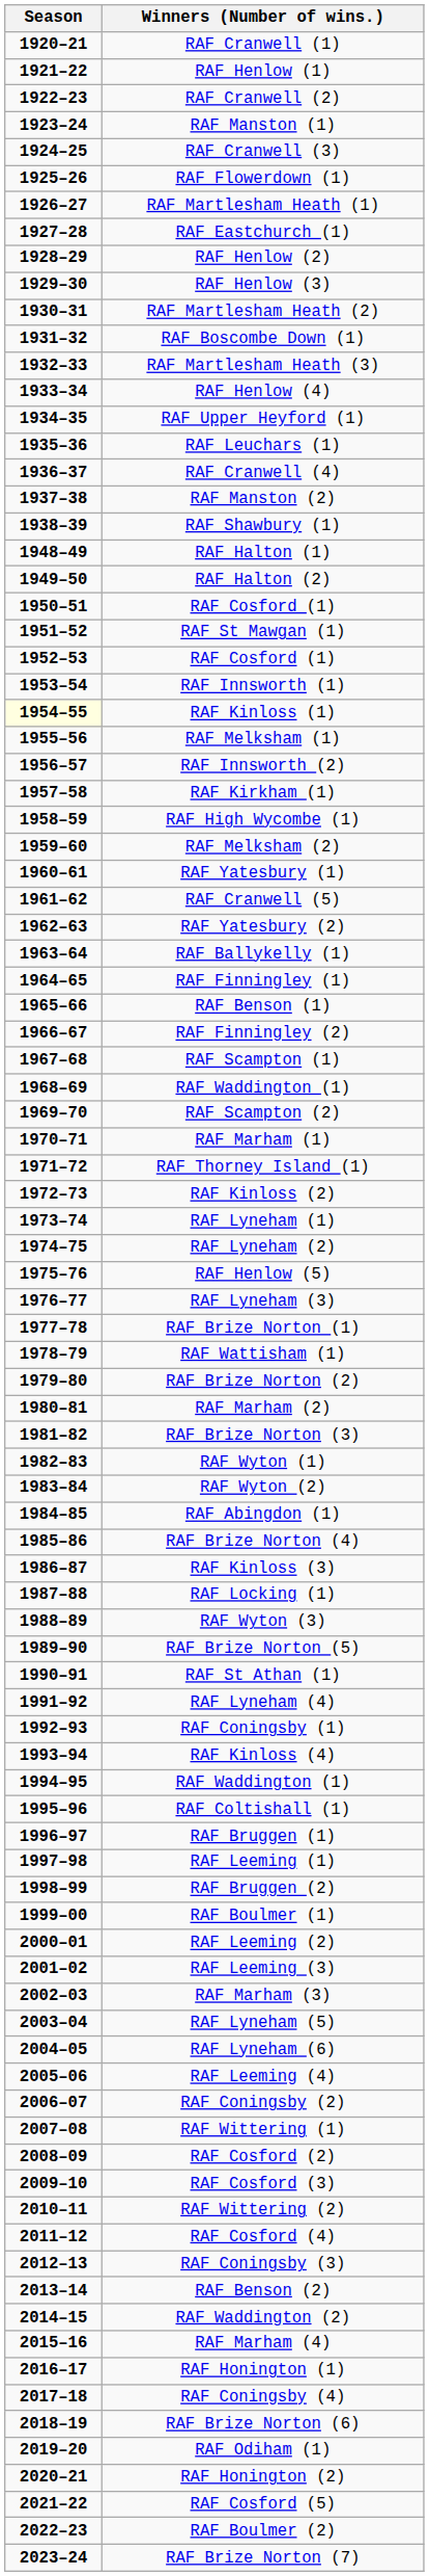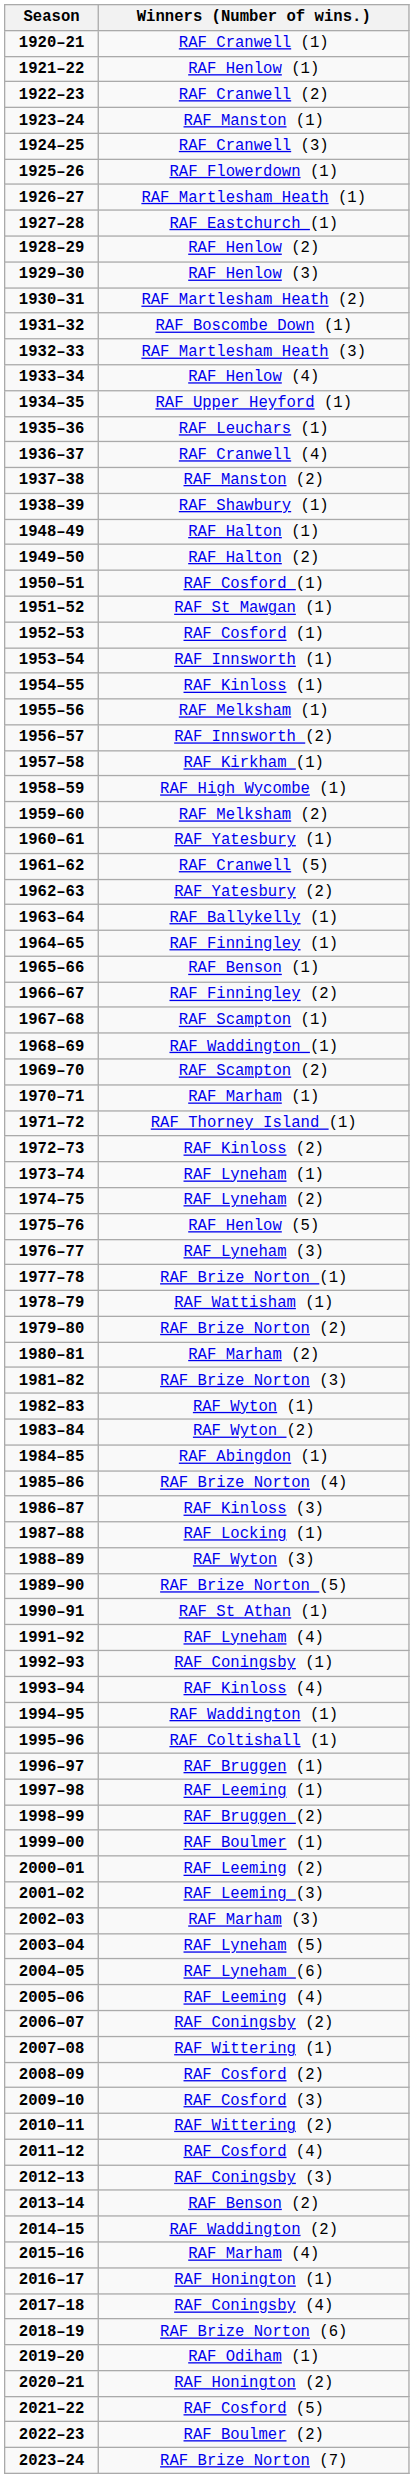 <table class="wikitable" style="text-align: center; width: 50%; font-size: 12px">
 <tr>
 <th>Season</th>
 <th>Winners (Number of wins.)</th>
 </tr>
 <tr>
 <td><strong>1920–21</strong></td>
 <td><a href='#'>RAF Cranwell</a> (1)</td>
 </tr>
 <tr>
 <td><strong>1921–22</strong></td>
 <td><a href='#'>RAF Henlow</a> (1)</td>
 </tr>
 <tr>
 <td><strong>1922–23</strong></td>
 <td><a href='#'>RAF Cranwell</a> (2)</td>
 </tr>
 <tr>
 <td><strong>1923–24</strong></td>
 <td><a href='#'>RAF Manston</a> (1)</td>
 </tr>
 <tr>
 <td><strong>1924–25</strong></td>
 <td><a href='#'>RAF Cranwell</a> (3)</td>
 </tr>
 <tr>
 <td><strong>1925–26</strong></td>
 <td><a href='#'>RAF Flowerdown</a> (1)</td>
 </tr>
 <tr>
 <td><strong>1926–27</strong></td>
 <td><a href='#'>RAF Martlesham Heath</a> (1)</td>
 </tr>
 <tr>
 <td><strong>1927–28</strong></td>
 <td><a href='#'>RAF Eastchurch </a>(1)</td>
 </tr>
 <tr>
 <td><strong>1928–29</strong></td>
 <td><a href='#'>RAF Henlow</a> (2)</td>
 </tr>
 <tr>
 <td><strong>1929–30</strong></td>
 <td><a href='#'>RAF Henlow</a> (3)</td>
 </tr>
 <tr>
 <td><strong>1930–31</strong></td>
 <td><a href='#'>RAF Martlesham Heath</a> (2)</td>
 </tr>
 <tr>
 <td><strong>1931–32</strong></td>
 <td><a href='#'>RAF Boscombe Down</a> (1)</td>
 </tr>
 <tr>
 <td><strong>1932–33</strong></td>
 <td><a href='#'>RAF Martlesham Heath</a> (3)</td>
 </tr>
 <tr>
 <td><strong>1933–34</strong></td>
 <td><a href='#'>RAF Henlow</a> (4)</td>
 </tr>
 <tr>
 <td><strong>1934–35</strong></td>
 <td><a href='#'>RAF Upper Heyford</a> (1)</td>
 </tr>
 <tr>
 <td><strong>1935–36</strong></td>
 <td><a href='#'>RAF Leuchars</a> (1)</td>
 </tr>
 <tr>
 <td><strong>1936–37</strong></td>
 <td><a href='#'>RAF Cranwell</a> (4)</td>
 </tr>
 <tr>
 <td><strong>1937–38</strong></td>
 <td><a href='#'>RAF Manston</a> (2)</td>
 </tr>
 <tr>
 <td><strong>1938–39</strong></td>
 <td><a href='#'>RAF Shawbury</a> (1)</td>
 </tr>
 <tr>
 <td><strong>1948–49</strong></td>
 <td><a href='#'>RAF Halton</a> (1)</td>
 </tr>
 <tr>
 <td><strong>1949–50</strong></td>
 <td><a href='#'>RAF Halton</a> (2)</td>
 </tr>
 <tr>
 <td><strong>1950–51</strong></td>
 <td><a href='#'>RAF Cosford </a>(1)</td>
 </tr>
 <tr>
 <td><strong>1951–52</strong></td>
 <td><a href='#'>RAF St Mawgan</a> (1)</td>
 </tr>
 <tr>
 <td><strong>1952–53</strong></td>
 <td><a href='#'>RAF Cosford</a> (1)</td>
 </tr>
 <tr>
 <td><strong>1953–54</strong></td>
 <td><a href='#'>RAF Innsworth</a> (1)</td>
 </tr>
 <tr>
-<td style="background: lightyellow;"><strong>1954–55</strong></td>
+<td><strong>1954–55</strong></td>
 <td><a href='#'>RAF Kinloss</a> (1)</td>
 </tr>
 <tr>
 <td><strong>1955–56</strong></td>
 <td><a href='#'>RAF Melksham</a> (1)</td>
 </tr>
 <tr>
 <td><strong>1956–57</strong></td>
 <td><a href='#'>RAF Innsworth </a>(2)</td>
 </tr>
 <tr>
 <td><strong>1957–58</strong></td>
 <td><a href='#'>RAF Kirkham </a>(1)</td>
 </tr>
 <tr>
 <td><strong>1958–59</strong></td>
 <td><a href='#'>RAF High Wycombe</a> (1)</td>
 </tr>
 <tr>
 <td><strong>1959–60</strong></td>
 <td><a href='#'>RAF Melksham</a> (2)</td>
 </tr>
 <tr>
 <td><strong>1960–61</strong></td>
 <td><a href='#'>RAF Yatesbury</a> (1)</td>
 </tr>
 <tr>
 <td><strong>1961–62</strong></td>
 <td><a href='#'>RAF Cranwell</a> (5)</td>
 </tr>
 <tr>
 <td><strong>1962–63</strong></td>
 <td><a href='#'>RAF Yatesbury</a> (2)</td>
 </tr>
 <tr>
 <td><strong>1963–64</strong></td>
 <td><a href='#'>RAF Ballykelly</a> (1)</td>
 </tr>
 <tr>
 <td><strong>1964–65</strong></td>
 <td><a href='#'>RAF Finningley</a> (1)</td>
 </tr>
 <tr>
 <td><strong>1965–66</strong></td>
 <td><a href='#'>RAF Benson</a> (1)</td>
 </tr>
 <tr>
 <td><strong>1966–67</strong></td>
 <td><a href='#'>RAF Finningley</a> (2)</td>
 </tr>
 <tr>
 <td><strong>1967–68</strong></td>
 <td><a href='#'>RAF Scampton</a> (1)</td>
 </tr>
 <tr>
 <td><strong>1968–69</strong></td>
 <td><a href='#'>RAF Waddington </a>(1)</td>
 </tr>
 <tr>
 <td><strong>1969–70</strong></td>
 <td><a href='#'>RAF Scampton</a> (2)</td>
 </tr>
 <tr>
 <td><strong>1970–71</strong></td>
 <td><a href='#'>RAF Marham</a> (1)</td>
 </tr>
 <tr>
 <td><strong>1971–72</strong></td>
 <td><a href='#'>RAF Thorney Island </a>(1)</td>
 </tr>
 <tr>
 <td><strong>1972–73</strong></td>
 <td><a href='#'>RAF Kinloss</a> (2)</td>
 </tr>
 <tr>
 <td><strong>1973–74</strong></td>
 <td><a href='#'>RAF Lyneham</a> (1)</td>
 </tr>
 <tr>
 <td><strong>1974–75</strong></td>
 <td><a href='#'>RAF Lyneham</a> (2)</td>
 </tr>
 <tr>
 <td><strong>1975–76</strong></td>
 <td><a href='#'>RAF Henlow</a> (5)</td>
 </tr>
 <tr>
 <td><strong>1976–77</strong></td>
 <td><a href='#'>RAF Lyneham</a> (3)</td>
 </tr>
 <tr>
 <td><strong>1977–78</strong></td>
 <td><a href='#'>RAF Brize Norton </a>(1)</td>
 </tr>
 <tr>
 <td><strong>1978–79</strong></td>
 <td><a href='#'>RAF Wattisham</a> (1)</td>
 </tr>
 <tr>
 <td><strong>1979–80</strong></td>
 <td><a href='#'>RAF Brize Norton</a> (2)</td>
 </tr>
 <tr>
 <td><strong>1980–81</strong></td>
 <td><a href='#'>RAF Marham</a> (2)</td>
 </tr>
 <tr>
 <td><strong>1981–82</strong></td>
 <td><a href='#'>RAF Brize Norton</a> (3)</td>
 </tr>
 <tr>
 <td><strong>1982–83</strong></td>
 <td><a href='#'>RAF Wyton</a> (1)</td>
 </tr>
 <tr>
 <td><strong>1983–84</strong></td>
 <td><a href='#'>RAF Wyton </a>(2)</td>
 </tr>
 <tr>
 <td><strong>1984–85</strong></td>
 <td><a href='#'>RAF Abingdon</a> (1)</td>
 </tr>
 <tr>
 <td><strong>1985–86</strong></td>
 <td><a href='#'>RAF Brize Norton</a> (4)</td>
 </tr>
 <tr>
 <td><strong>1986–87</strong></td>
 <td><a href='#'>RAF Kinloss</a> (3)</td>
 </tr>
 <tr>
 <td><strong>1987–88</strong></td>
 <td><a href='#'>RAF Locking</a> (1)</td>
 </tr>
 <tr>
 <td><strong>1988–89</strong></td>
 <td><a href='#'>RAF Wyton</a> (3)</td>
 </tr>
 <tr>
 <td><strong>1989–90</strong></td>
 <td><a href='#'>RAF Brize Norton </a>(5)</td>
 </tr>
 <tr>
 <td><strong>1990–91</strong></td>
 <td><a href='#'>RAF St Athan</a> (1)</td>
 </tr>
 <tr>
 <td><strong>1991–92</strong></td>
 <td><a href='#'>RAF Lyneham</a> (4)</td>
 </tr>
 <tr>
 <td><strong>1992–93</strong></td>
 <td><a href='#'>RAF Coningsby</a> (1)</td>
 </tr>
 <tr>
 <td><strong>1993–94</strong></td>
 <td><a href='#'>RAF Kinloss</a> (4)</td>
 </tr>
 <tr>
 <td><strong>1994–95</strong></td>
 <td><a href='#'>RAF Waddington</a> (1)</td>
 </tr>
 <tr>
 <td><strong>1995–96</strong></td>
 <td><a href='#'>RAF Coltishall</a> (1)</td>
 </tr>
 <tr>
 <td><strong>1996–97</strong></td>
 <td><a href='#'>RAF Bruggen</a> (1)</td>
 </tr>
 <tr>
 <td><strong>1997–98</strong></td>
 <td><a href='#'>RAF Leeming</a> (1)</td>
 </tr>
 <tr>
 <td><strong>1998–99</strong></td>
 <td><a href='#'>RAF Bruggen </a>(2)</td>
 </tr>
 <tr>
 <td><strong>1999–00</strong></td>
 <td><a href='#'>RAF Boulmer</a> (1)</td>
 </tr>
 <tr>
 <td><strong>2000–01</strong></td>
 <td><a href='#'>RAF Leeming</a> (2)</td>
 </tr>
 <tr>
 <td><strong>2001–02</strong></td>
 <td><a href='#'>RAF Leeming </a>(3)</td>
 </tr>
 <tr>
 <td><strong>2002–03</strong></td>
 <td><a href='#'>RAF Marham</a> (3)</td>
 </tr>
 <tr>
 <td><strong>2003–04</strong></td>
 <td><a href='#'>RAF Lyneham</a> (5)</td>
 </tr>
 <tr>
 <td><strong>2004–05</strong></td>
 <td><a href='#'>RAF Lyneham </a>(6)</td>
 </tr>
 <tr>
 <td><strong>2005–06</strong></td>
 <td><a href='#'>RAF Leeming</a> (4)</td>
 </tr>
 <tr>
 <td><strong>2006–07</strong></td>
 <td><a href='#'>RAF Coningsby</a> (2)</td>
 </tr>
 <tr>
 <td><strong>2007–08</strong></td>
 <td><a href='#'>RAF Wittering</a> (1)</td>
 </tr>
 <tr>
 <td><strong>2008–09</strong></td>
 <td><a href='#'>RAF Cosford</a> (2)</td>
 </tr>
 <tr>
 <td><strong>2009–10</strong></td>
 <td><a href='#'>RAF Cosford</a> (3)</td>
 </tr>
 <tr>
 <td><strong>2010–11</strong></td>
 <td><a href='#'>RAF Wittering</a> (2)</td>
 </tr>
 <tr>
 <td><strong>2011–12</strong></td>
 <td><a href='#'>RAF Cosford</a> (4)</td>
 </tr>
 <tr>
 <td><strong>2012–13</strong></td>
 <td><a href='#'>RAF Coningsby</a> (3)</td>
 </tr>
 <tr>
 <td><strong>2013–14</strong></td>
 <td><a href='#'>RAF Benson</a> (2)</td>
 </tr>
 <tr>
 <td><strong>2014–15</strong></td>
 <td><a href='#'>RAF Waddington</a> (2)</td>
 </tr>
 <tr>
 <td><strong>2015–16</strong></td>
 <td><a href='#'>RAF Marham</a> (4)</td>
 </tr>
 <tr>
 <td><strong>2016–17</strong></td>
 <td><a href='#'>RAF Honington</a> (1)</td>
 </tr>
 <tr>
 <td><strong>2017–18</strong></td>
 <td><a href='#'>RAF Coningsby</a> (4)</td>
 </tr>
 <tr>
 <td><strong>2018–19</strong></td>
 <td><a href='#'>RAF Brize Norton</a> (6)</td>
 </tr>
 <tr>
 <td><strong>2019–20</strong></td>
 <td><a href='#'>RAF Odiham</a> (1)</td>
 </tr>
 <tr>
 <td><strong>2020–21</strong></td>
 <td><a href='#'>RAF Honington</a> (2)</td>
 </tr>
 <tr>
 <td><strong>2021–22</strong></td>
 <td><a href='#'>RAF Cosford</a> (5)</td>
 </tr>
 <tr>
 <td><strong>2022–23</strong></td>
 <td><a href='#'>RAF Boulmer</a> (2)</td>
 </tr>
 <tr>
 <td><strong>2023–24</strong></td>
 <td><a href='#'>RAF Brize Norton</a> (7)</td>
 </tr>
 </table>
